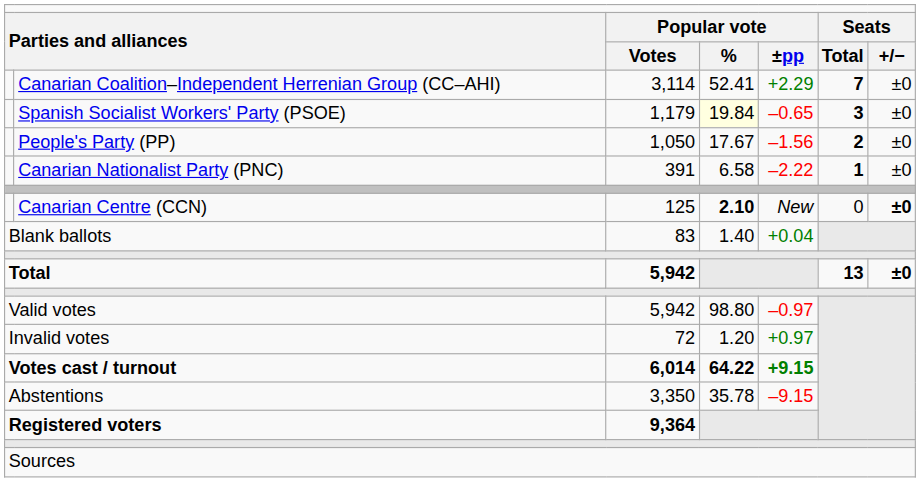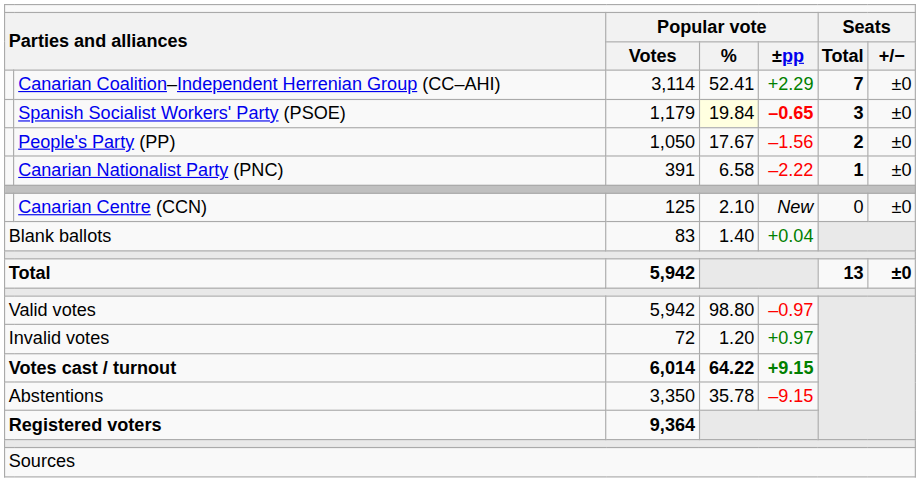 <table class="wikitable" style="text-align:right;">
 <tr>
 <td colspan="7"></td>
 </tr>
 <tr>
 <th style="text-align:left;" rowspan="2" colspan="2" width="525">Parties and alliances</th>
 <th colspan="3">Popular vote</th>
 <th colspan="2">Seats</th>
 </tr>
 <tr>
 <th width="75">Votes</th>
 <th width="45">%</th>
 <th width="45">±<a href='#'>pp</a></th>
 <th width="35">Total</th>
 <th width="35">+/−</th>
 </tr>
 <tr>
 <td width="1" style="color:inherit;background:"></td>
 <td align="left"><a href='#'>Canarian Coalition</a>–<a href='#'>Independent Herrenian Group</a> (CC–AHI)</td>
 <td>3,114</td>
 <td>52.41</td>
 <td style="color:green;">+2.29</td>
 <td><strong>7</strong></td>
 <td>±0</td>
 </tr>
 <tr>
 <td style="color:inherit;background:"></td>
 <td align="left"><a href='#'>Spanish Socialist Workers' Party</a> (PSOE)</td>
 <td>1,179</td>
 <td style="background: lightyellow;">19.84</td>
-<td style="color:red;">–0.65</td>
+<td style="color:red;"><strong>–0.65</strong></td>
 <td><strong>3</strong></td>
 <td>±0</td>
 </tr>
 <tr>
 <td style="color:inherit;background:"></td>
 <td align="left"><a href='#'>People's Party</a> (PP)</td>
 <td>1,050</td>
 <td>17.67</td>
 <td style="color:red;">–1.56</td>
 <td><strong>2</strong></td>
 <td>±0</td>
 </tr>
 <tr>
 <td style="color:inherit;background:"></td>
 <td align="left"><a href='#'>Canarian Nationalist Party</a> (PNC)</td>
 <td>391</td>
 <td>6.58</td>
 <td style="color:red;">–2.22</td>
 <td><strong>1</strong></td>
 <td>±0</td>
 </tr>
 <tr>
 <td colspan="7" bgcolor="#C0C0C0"></td>
 </tr>
 <tr>
 <td style="color:inherit;background:"></td>
 <td align="left"><a href='#'>Canarian Centre</a> (CCN)</td>
 <td>125</td>
-<td><strong>2.10</strong></td>
+<td>2.10</td>
 <td><em>New</em></td>
 <td>0</td>
-<td><strong>±0</strong></td>
+<td>±0</td>
 </tr>
 <tr>
 <td align="left" colspan="2">Blank ballots</td>
 <td>83</td>
 <td>1.40</td>
 <td style="color:green;">+0.04</td>
 <td bgcolor="#E9E9E9" colspan="2"></td>
 </tr>
 <tr>
 <td colspan="7" bgcolor="#E9E9E9"></td>
 </tr>
 <tr style="font-weight:bold;">
 <td align="left" colspan="2">Total</td>
 <td>5,942</td>
 <td bgcolor="#E9E9E9" colspan="2"></td>
 <td>13</td>
 <td>±0</td>
 </tr>
 <tr>
 <td colspan="7" bgcolor="#E9E9E9"></td>
 </tr>
 <tr>
 <td align="left" colspan="2">Valid votes</td>
 <td>5,942</td>
 <td>98.80</td>
 <td style="color:red;">–0.97</td>
 <td bgcolor="#E9E9E9" colspan="2" rowspan="5"></td>
 </tr>
 <tr>
 <td align="left" colspan="2">Invalid votes</td>
 <td>72</td>
 <td>1.20</td>
 <td style="color:green;">+0.97</td>
 </tr>
 <tr style="font-weight:bold;">
 <td align="left" colspan="2">Votes cast / turnout</td>
 <td>6,014</td>
 <td>64.22</td>
 <td style="color:green;">+9.15</td>
 </tr>
 <tr>
 <td align="left" colspan="2">Abstentions</td>
 <td>3,350</td>
 <td>35.78</td>
 <td style="color:red;">–9.15</td>
 </tr>
 <tr style="font-weight:bold;">
 <td align="left" colspan="2">Registered voters</td>
 <td>9,364</td>
 <td bgcolor="#E9E9E9" colspan="2"></td>
 </tr>
 <tr>
 <td colspan="7" bgcolor="#E9E9E9"></td>
 </tr>
 <tr>
 <td align="left" colspan="7">Sources</td>
 </tr>
 </table>
